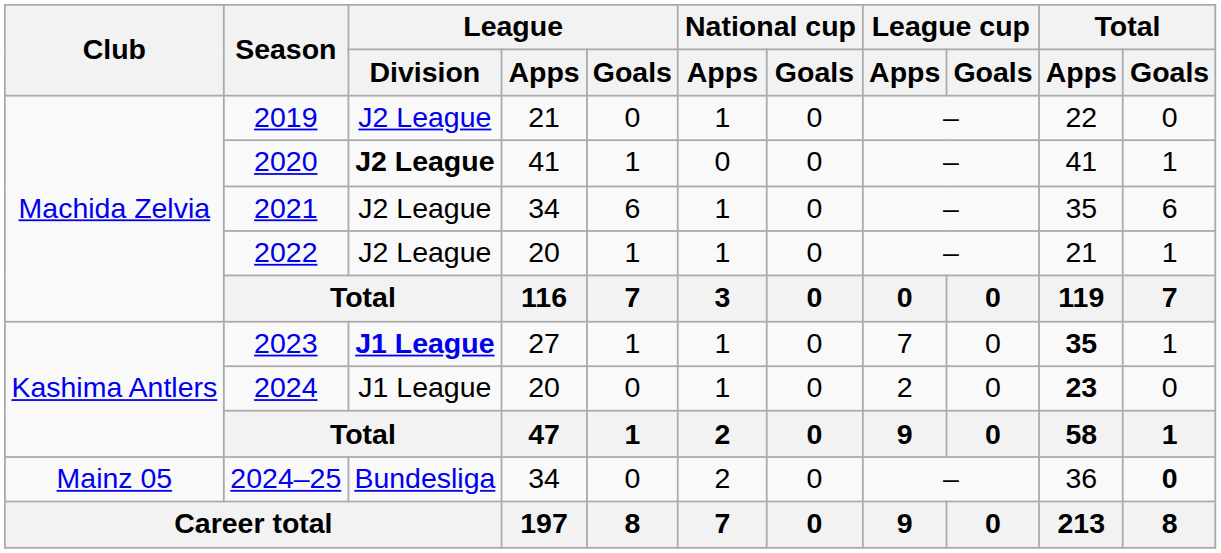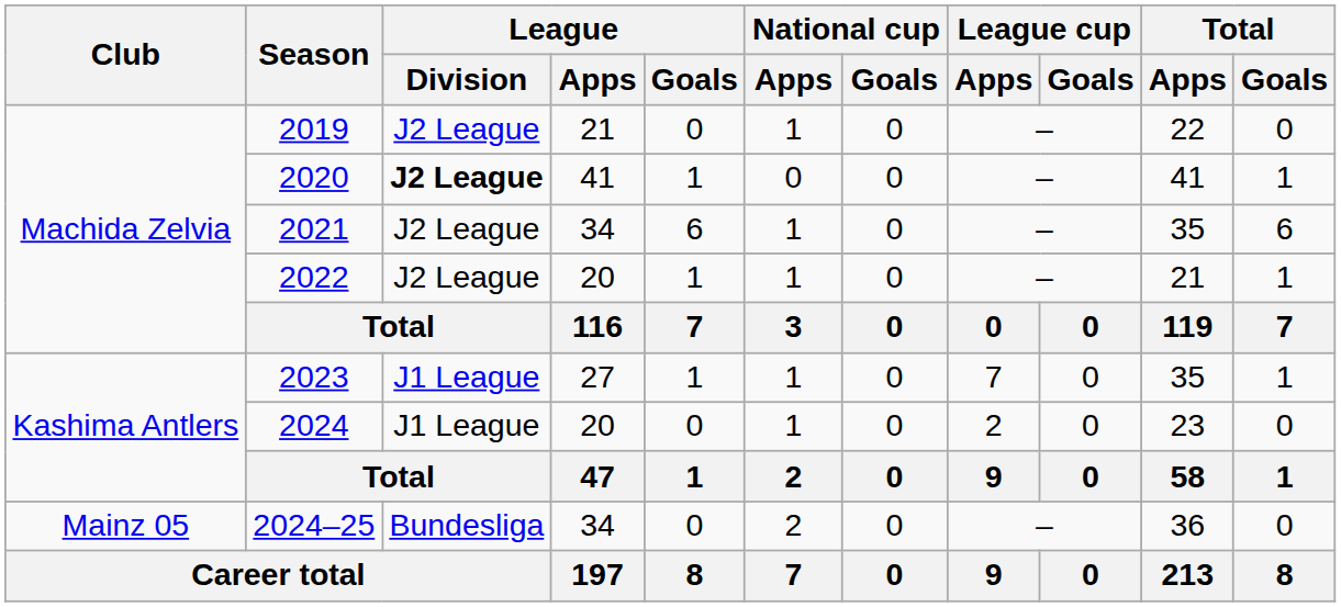 <table class="wikitable" style="text-align:center;">
 <tr>
 <th rowspan="2">Club</th>
 <th rowspan="2">Season</th>
 <th colspan="3">League</th>
 <th colspan="2">National cup</th>
 <th colspan="2">League cup</th>
 <th colspan="2">Total</th>
 </tr>
 <tr>
 <th>Division</th>
 <th>Apps</th>
 <th>Goals</th>
 <th>Apps</th>
 <th>Goals</th>
 <th>Apps</th>
 <th>Goals</th>
 <th>Apps</th>
 <th>Goals</th>
 </tr>
 <tr>
 <td rowspan="5"><a href='#'>Machida Zelvia</a></td>
 <td><a href='#'>2019</a></td>
 <td><a href='#'>J2 League</a></td>
 <td>21</td>
 <td>0</td>
 <td>1</td>
 <td>0</td>
 <td colspan="2">–</td>
 <td>22</td>
 <td>0</td>
 </tr>
 <tr>
 <td><a href='#'>2020</a></td>
 <td><strong>J2 League</strong></td>
 <td>41</td>
 <td>1</td>
 <td>0</td>
 <td>0</td>
 <td colspan="2">–</td>
 <td>41</td>
 <td>1</td>
 </tr>
 <tr>
 <td><a href='#'>2021</a></td>
 <td>J2 League</td>
 <td>34</td>
 <td>6</td>
 <td>1</td>
 <td>0</td>
 <td colspan="2">–</td>
 <td>35</td>
 <td>6</td>
 </tr>
 <tr>
 <td><a href='#'>2022</a></td>
 <td>J2 League</td>
 <td>20</td>
 <td>1</td>
 <td>1</td>
 <td>0</td>
 <td colspan="2">–</td>
 <td>21</td>
 <td>1</td>
 </tr>
 <tr>
 <th colspan="2">Total</th>
 <th>116</th>
 <th>7</th>
 <th>3</th>
 <th>0</th>
 <th>0</th>
 <th>0</th>
 <th>119</th>
 <th>7</th>
 </tr>
 <tr>
 <td rowspan="3"><a href='#'>Kashima Antlers</a></td>
 <td><a href='#'>2023</a></td>
-<td><strong><a href='#'>J1 League</a></strong></td>
+<td><a href='#'>J1 League</a></td>
 <td>27</td>
 <td>1</td>
 <td>1</td>
 <td>0</td>
 <td>7</td>
 <td>0</td>
-<td><strong>35</strong></td>
+<td>35</td>
 <td>1</td>
 </tr>
 <tr>
 <td><a href='#'>2024</a></td>
 <td>J1 League</td>
 <td>20</td>
 <td>0</td>
 <td>1</td>
 <td>0</td>
 <td>2</td>
 <td>0</td>
-<td><strong>23</strong></td>
+<td>23</td>
 <td>0</td>
 </tr>
 <tr>
 <th colspan="2">Total</th>
 <th>47</th>
 <th>1</th>
 <th>2</th>
 <th>0</th>
 <th>9</th>
 <th>0</th>
 <th>58</th>
 <th>1</th>
 </tr>
 <tr>
 <td><a href='#'>Mainz 05</a></td>
 <td><a href='#'>2024–25</a></td>
 <td><a href='#'>Bundesliga</a></td>
 <td>34</td>
 <td>0</td>
 <td>2</td>
 <td>0</td>
 <td colspan="2">–</td>
 <td>36</td>
-<td><strong>0</strong></td>
+<td>0</td>
 </tr>
 <tr>
 <th colspan="3">Career total</th>
 <th>197</th>
 <th>8</th>
 <th>7</th>
 <th>0</th>
 <th>9</th>
 <th>0</th>
 <th>213</th>
 <th>8</th>
 </tr>
 </table>
